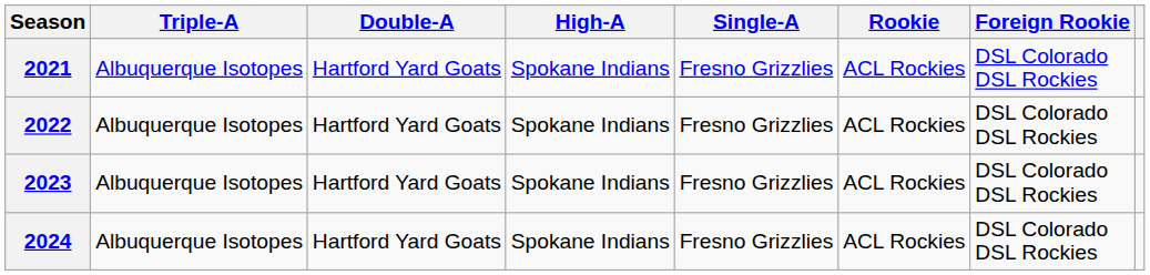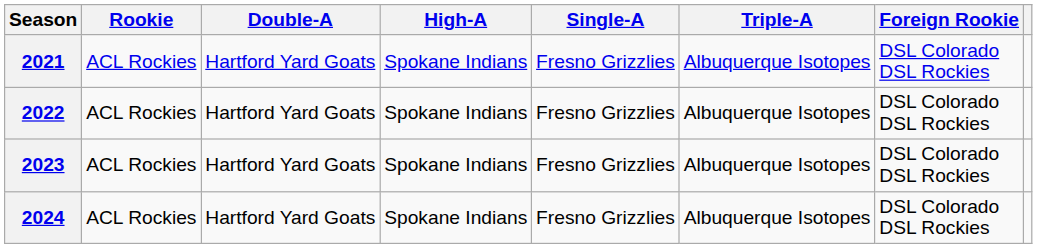 <table class="wikitable plainrowheaders">
 <tr>
 <th scope="col">Season</th>
-<th scope="col"><a href='#'><span>Triple-A</span></a></th>
+<th scope="col"><a href='#'><span>Rookie</span></a></th>
 <th scope="col"><a href='#'><span>Double-A</span></a></th>
 <th scope="col"><a href='#'><span>High-A</span></a></th>
 <th scope="col"><a href='#'><span>Single-A</span></a></th>
-<th scope="col"><a href='#'><span>Rookie</span></a></th>
+<th scope="col"><a href='#'><span>Triple-A</span></a></th>
 <th scope="col"><a href='#'><span>Foreign Rookie</span></a></th>
 <th scope="col"></th>
 </tr>
 <tr>
 <th scope="row" style="text-align:center"><a href='#'>2021</a></th>
-<td><a href='#'>Albuquerque Isotopes</a></td>
+<td><a href='#'>ACL Rockies</a></td>
 <td><a href='#'>Hartford Yard Goats</a></td>
 <td><a href='#'>Spokane Indians</a></td>
 <td><a href='#'>Fresno Grizzlies</a></td>
-<td><a href='#'>ACL Rockies</a></td>
+<td><a href='#'>Albuquerque Isotopes</a></td>
 <td><a href='#'>DSL Colorado</a><br><a href='#'>DSL Rockies</a></td>
 <td align="center"></td>
 </tr>
 <tr>
 <th scope="row" style="text-align:center"><a href='#'>2022</a></th>
-<td>Albuquerque Isotopes</td>
+<td>ACL Rockies</td>
 <td>Hartford Yard Goats</td>
 <td>Spokane Indians</td>
 <td>Fresno Grizzlies</td>
-<td>ACL Rockies</td>
+<td>Albuquerque Isotopes</td>
 <td>DSL Colorado<br>DSL Rockies</td>
 <td align="center"></td>
 </tr>
 <tr>
 <th scope="row" style="text-align:center"><a href='#'>2023</a></th>
-<td>Albuquerque Isotopes</td>
+<td>ACL Rockies</td>
 <td>Hartford Yard Goats</td>
 <td>Spokane Indians</td>
 <td>Fresno Grizzlies</td>
-<td>ACL Rockies</td>
+<td>Albuquerque Isotopes</td>
 <td>DSL Colorado<br>DSL Rockies</td>
 <td align="center"></td>
 </tr>
 <tr>
 <th scope="row" style="text-align:center"><a href='#'>2024</a></th>
-<td>Albuquerque Isotopes</td>
+<td>ACL Rockies</td>
 <td>Hartford Yard Goats</td>
 <td>Spokane Indians</td>
 <td>Fresno Grizzlies</td>
-<td>ACL Rockies</td>
+<td>Albuquerque Isotopes</td>
 <td>DSL Colorado<br>DSL Rockies</td>
 <td align="center"></td>
 </tr>
 </table>
